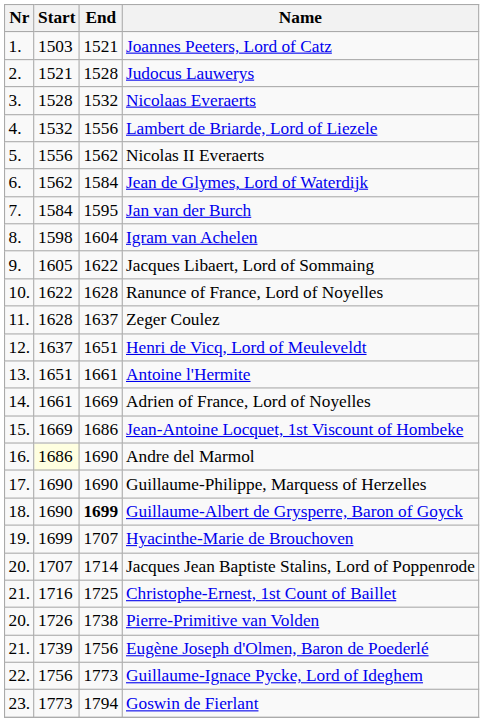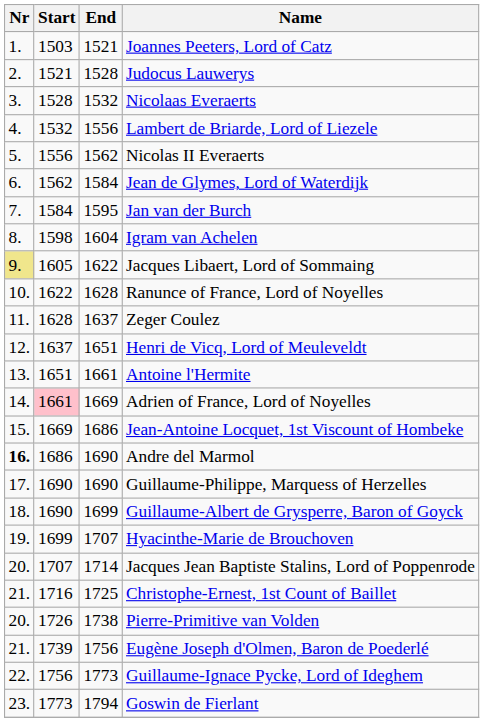 <table class="wikitable">
 <tr>
 <th>Nr</th>
 <th>Start</th>
 <th>End</th>
 <th>Name</th>
 </tr>
 <tr>
 <td>1.</td>
 <td>1503</td>
 <td>1521</td>
 <td><a href='#'>Joannes Peeters, Lord of Catz</a></td>
 </tr>
 <tr>
 <td>2.</td>
 <td>1521</td>
 <td>1528</td>
 <td><a href='#'>Judocus Lauwerys</a></td>
 </tr>
 <tr>
 <td>3.</td>
 <td>1528</td>
 <td>1532</td>
 <td><a href='#'>Nicolaas Everaerts</a></td>
 </tr>
 <tr>
 <td>4.</td>
 <td>1532</td>
 <td>1556</td>
 <td><a href='#'>Lambert de Briarde, Lord of Liezele</a></td>
 </tr>
 <tr>
 <td>5.</td>
 <td>1556</td>
 <td>1562</td>
 <td>Nicolas II Everaerts</td>
 </tr>
 <tr>
 <td>6.</td>
 <td>1562</td>
 <td>1584</td>
 <td><a href='#'>Jean de Glymes, Lord of Waterdijk</a></td>
 </tr>
 <tr>
 <td>7.</td>
 <td>1584</td>
 <td>1595</td>
 <td><a href='#'>Jan van der Burch</a></td>
 </tr>
 <tr>
 <td>8.</td>
 <td>1598</td>
 <td>1604</td>
 <td><a href='#'>Igram van Achelen</a></td>
 </tr>
 <tr>
-<td>9.</td>
+<td style="background: khaki;">9.</td>
 <td>1605</td>
 <td>1622</td>
 <td>Jacques Libaert, Lord of Sommaing</td>
 </tr>
 <tr>
 <td>10.</td>
 <td>1622</td>
 <td>1628</td>
 <td>Ranunce of France, Lord of Noyelles</td>
 </tr>
 <tr>
 <td>11.</td>
 <td>1628</td>
 <td>1637</td>
 <td>Zeger Coulez</td>
 </tr>
 <tr>
 <td>12.</td>
 <td>1637</td>
 <td>1651</td>
 <td><a href='#'>Henri de Vicq, Lord of Meuleveldt</a></td>
 </tr>
 <tr>
 <td>13.</td>
 <td>1651</td>
 <td>1661</td>
 <td><a href='#'>Antoine l'Hermite</a></td>
 </tr>
 <tr>
 <td>14.</td>
-<td>1661</td>
+<td style="background: pink;">1661</td>
 <td>1669</td>
 <td>Adrien of France, Lord of Noyelles</td>
 </tr>
 <tr>
 <td>15.</td>
 <td>1669</td>
 <td>1686</td>
 <td><a href='#'>Jean-Antoine Locquet, 1st Viscount of Hombeke</a></td>
 </tr>
 <tr>
-<td>16.</td>
-<td style="background: lightyellow;">1686</td>
+<td><strong>16.</strong></td>
+<td>1686</td>
 <td>1690</td>
 <td>Andre del Marmol</td>
 </tr>
 <tr>
 <td>17.</td>
 <td>1690</td>
 <td>1690</td>
 <td>Guillaume-Philippe, Marquess of Herzelles</td>
 </tr>
 <tr>
 <td>18.</td>
 <td>1690</td>
-<td><strong>1699</strong></td>
+<td>1699</td>
 <td><a href='#'>Guillaume-Albert de Grysperre, Baron of Goyck</a></td>
 </tr>
 <tr>
 <td>19.</td>
 <td>1699</td>
 <td>1707</td>
 <td><a href='#'>Hyacinthe-Marie de Brouchoven</a></td>
 </tr>
 <tr>
 <td>20.</td>
 <td>1707</td>
 <td>1714</td>
 <td>Jacques Jean Baptiste Stalins, Lord of Poppenrode</td>
 </tr>
 <tr>
 <td>21.</td>
 <td>1716</td>
 <td>1725</td>
 <td><a href='#'>Christophe-Ernest, 1st Count of Baillet</a></td>
 </tr>
 <tr>
 <td>20.</td>
 <td>1726</td>
 <td>1738</td>
 <td><a href='#'>Pierre-Primitive van Volden</a></td>
 </tr>
 <tr>
 <td>21.</td>
 <td>1739</td>
 <td>1756</td>
 <td><a href='#'>Eugène Joseph d'Olmen, Baron de Poederlé</a></td>
 </tr>
 <tr>
 <td>22.</td>
 <td>1756</td>
 <td>1773</td>
 <td><a href='#'>Guillaume-Ignace Pycke, Lord of Ideghem</a></td>
 </tr>
 <tr>
 <td>23.</td>
 <td>1773</td>
 <td>1794</td>
 <td><a href='#'>Goswin de Fierlant</a></td>
 </tr>
 <tr>
 </tr>
 </table>
